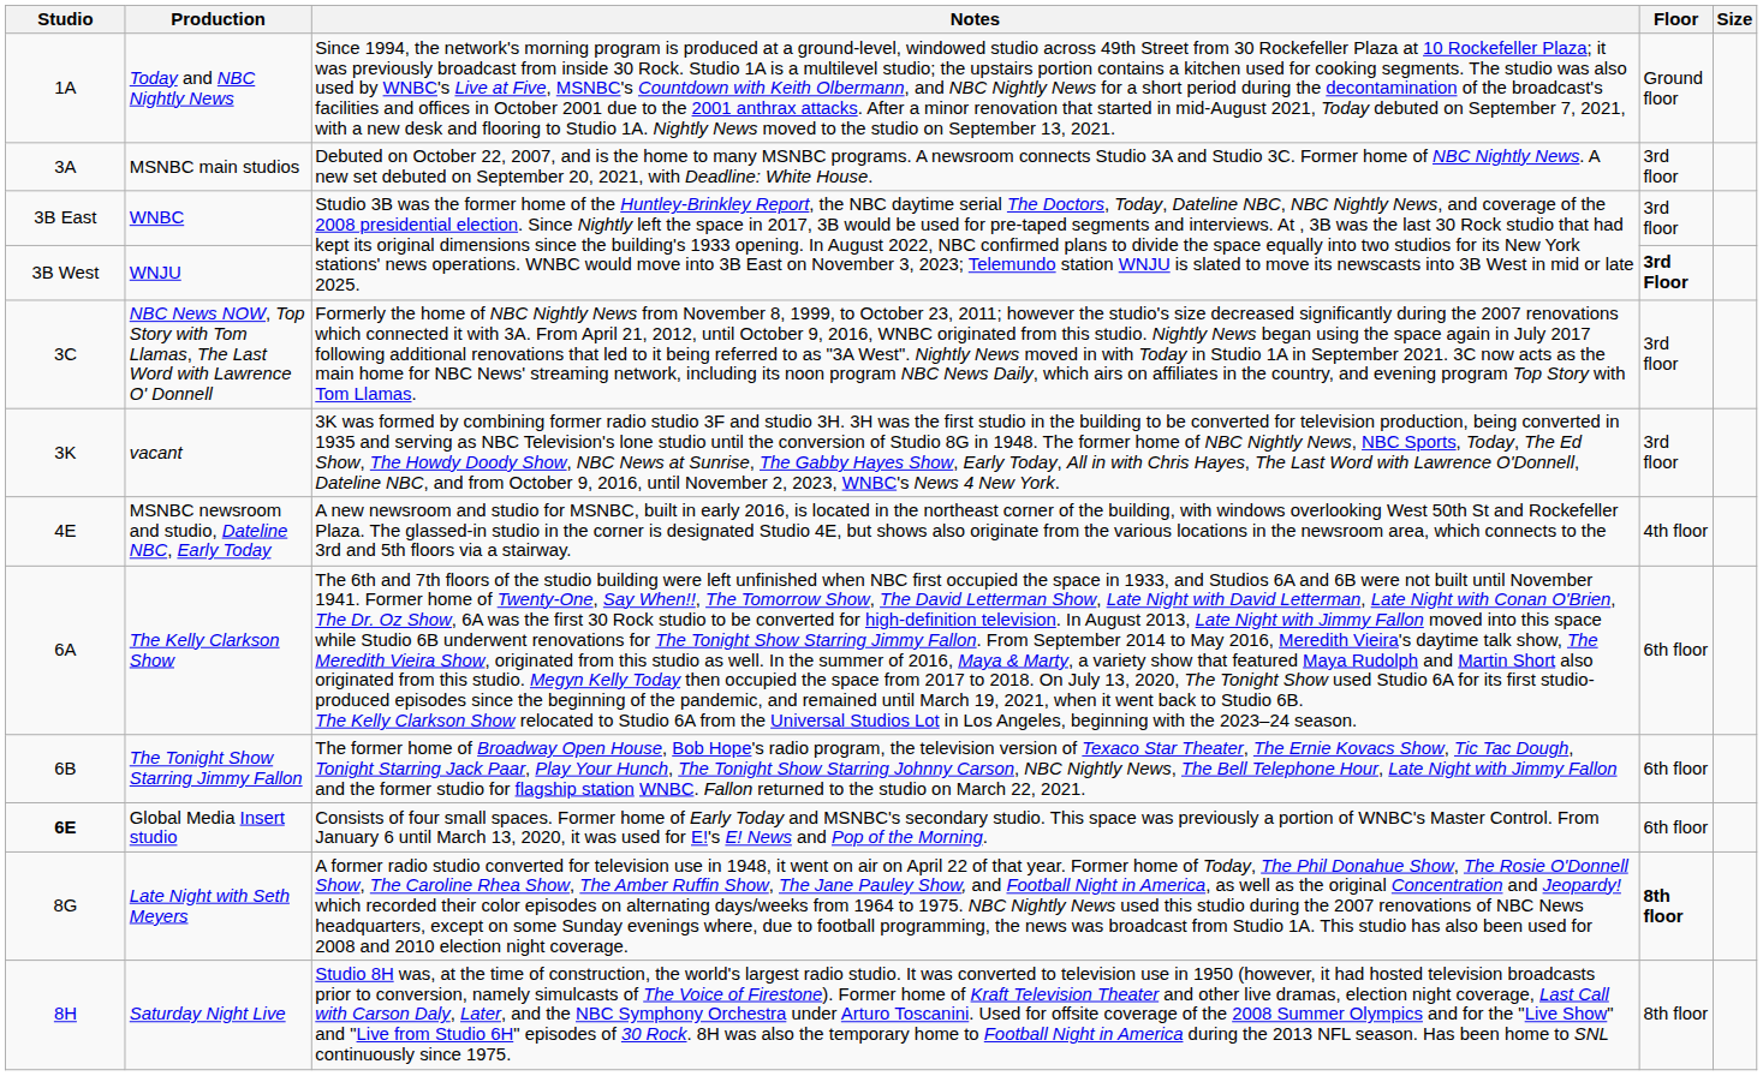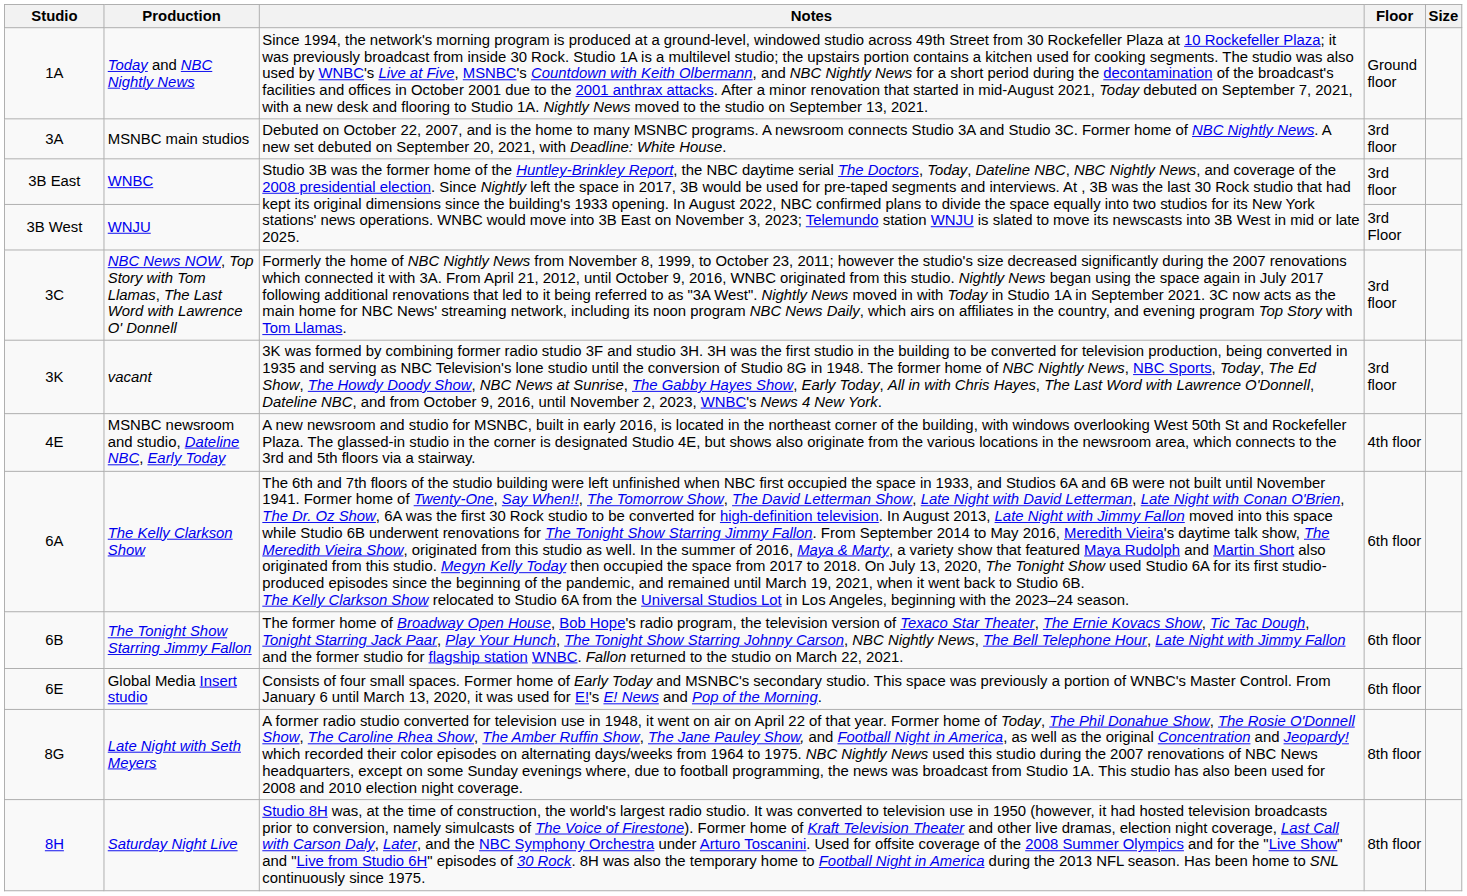 <table class=wikitable>
 <tr>
 <th width=100>Studio</th>
 <th>Production</th>
 <th>Notes</th>
 <th>Floor</th>
 <th>Size</th>
 </tr>
 <tr>
 <td align=center>1A</td>
 <td><em><a href='#'>Today</a></em> and <em><a href='#'>NBC Nightly News</a></em></td>
 <td>Since 1994, the network's morning program is produced at a ground-level, windowed studio across 49th Street from 30 Rockefeller Plaza at <a href='#'>10 Rockefeller Plaza</a>; it was previously broadcast from inside 30 Rock. Studio 1A is a multilevel studio; the upstairs portion contains a kitchen used for cooking segments. The studio was also used by <a href='#'>WNBC</a>'s <em><a href='#'>Live at Five</a></em>, <a href='#'>MSNBC</a>'s <em><a href='#'>Countdown with Keith Olbermann</a></em>, and <em>NBC Nightly News</em> for a short period during the <a href='#'>decontamination</a> of the broadcast's facilities and offices in October 2001 due to the <a href='#'>2001 anthrax attacks</a>. After a minor renovation that started in mid-August 2021, <em>Today</em> debuted on September 7, 2021, with a new desk and flooring to Studio 1A. <em>Nightly News</em> moved to the studio on September 13, 2021.</td>
 <td>Ground floor</td>
 <td></td>
 </tr>
 <tr>
 <td align=center>3A</td>
 <td>MSNBC main studios</td>
 <td>Debuted on October 22, 2007, and is the home to many MSNBC programs. A newsroom connects Studio 3A and Studio 3C. Former home of <em><a href='#'>NBC Nightly News</a></em>. A new set debuted on September 20, 2021, with <em>Deadline: White House</em>.</td>
 <td>3rd floor</td>
 <td></td>
 </tr>
 <tr>
 <td align=center>3B East</td>
 <td><a href='#'>WNBC</a></td>
 <td rowspan="2">Studio 3B was the former home of the <em><a href='#'>Huntley-Brinkley Report</a></em>, the NBC daytime serial <em><a href='#'>The Doctors</a></em>, <em>Today</em>, <em>Dateline NBC</em>, <em>NBC Nightly News</em>, and coverage of the <a href='#'>2008 presidential election</a>. Since <em>Nightly</em> left the space in 2017, 3B would be used for pre-taped segments and interviews. At , 3B was the last 30 Rock studio that had kept its original dimensions since the building's 1933 opening. In August 2022, NBC confirmed plans to divide the space equally into two studios for its New York stations' news operations. WNBC would move into 3B East on November 3, 2023; <a href='#'>Telemundo</a> station <a href='#'>WNJU</a> is slated to move its newscasts into 3B West in mid or late 2025.</td>
 <td>3rd floor</td>
 <td></td>
 </tr>
 <tr>
 <td align=center>3B West</td>
 <td><a href='#'>WNJU</a></td>
-<td><strong>3rd Floor</strong></td>
+<td>3rd Floor</td>
 <td></td>
 </tr>
 <tr>
 <td align=center>3C</td>
 <td><em><a href='#'>NBC News NOW</a></em>, <em>Top Story with Tom Llamas</em>, <em>The Last Word with Lawrence O' Donnell</em></td>
 <td>Formerly the home of <em>NBC Nightly News</em> from November 8, 1999, to October 23, 2011; however the studio's size decreased significantly during the 2007 renovations which connected it with 3A. From April 21, 2012, until October 9, 2016, WNBC originated from this studio. <em>Nightly News</em> began using the space again in July 2017 following additional renovations that led to it being referred to as "3A West". <em>Nightly News</em> moved in with <em>Today</em> in Studio 1A in September 2021. 3C now acts as the main home for NBC News' streaming network, including its noon program <em>NBC News Daily</em>, which airs on affiliates in the country, and evening program <em>Top Story</em> with <a href='#'>Tom Llamas</a>.</td>
 <td>3rd floor</td>
 <td></td>
 </tr>
 <tr>
 <td align=center>3K</td>
 <td><em>vacant</em></td>
 <td>3K was formed by combining former radio studio 3F and studio 3H. 3H was the first studio in the building to be converted for television production, being converted in 1935 and serving as NBC Television's lone studio until the conversion of Studio 8G in 1948. The former home of <em>NBC Nightly News</em>, <a href='#'>NBC Sports</a>, <em>Today</em>, <em>The Ed Show</em>, <em><a href='#'>The Howdy Doody Show</a></em>, <em>NBC News at Sunrise</em>, <em><a href='#'>The Gabby Hayes Show</a></em>, <em>Early Today</em>, <em>All in with Chris Hayes</em>, <em>The Last Word with Lawrence O'Donnell</em>, <em>Dateline NBC</em>, and from October 9, 2016, until November 2, 2023, <a href='#'>WNBC</a>'s <em>News 4 New York</em>.</td>
 <td>3rd floor</td>
 <td></td>
 </tr>
 <tr>
 <td align=center>4E</td>
 <td>MSNBC newsroom and studio, <em><a href='#'>Dateline NBC</a></em>, <em><a href='#'>Early Today</a></em></td>
 <td>A new newsroom and studio for MSNBC, built in early 2016, is located in the northeast corner of the building, with windows overlooking West 50th St and Rockefeller Plaza. The glassed-in studio in the corner is designated Studio 4E, but shows also originate from the various locations in the newsroom area, which connects to the 3rd and 5th floors via a stairway.</td>
 <td>4th floor</td>
 <td></td>
 </tr>
 <tr>
 <td align=center>6A</td>
 <td><em><a href='#'>The Kelly Clarkson Show</a></em></td>
 <td>The 6th and 7th floors of the studio building were left unfinished when NBC first occupied the space in 1933, and Studios 6A and 6B were not built until November 1941. Former home of <em><a href='#'>Twenty-One</a></em>, <em><a href='#'>Say When!!</a></em>, <em><a href='#'>The Tomorrow Show</a></em>, <em><a href='#'>The David Letterman Show</a></em>, <em><a href='#'>Late Night with David Letterman</a></em>, <em><a href='#'>Late Night with Conan O'Brien</a></em>, <em><a href='#'>The Dr. Oz Show</a></em>, 6A was the first 30 Rock studio to be converted for <a href='#'>high-definition television</a>. In August 2013, <em><a href='#'>Late Night with Jimmy Fallon</a></em> moved into this space while Studio 6B underwent renovations for <em><a href='#'>The Tonight Show Starring Jimmy Fallon</a></em>. From September 2014 to May 2016, <a href='#'>Meredith Vieira</a>'s daytime talk show, <em><a href='#'>The Meredith Vieira Show</a></em>, originated from this studio as well. In the summer of 2016, <em><a href='#'>Maya & Marty</a></em>, a variety show that featured <a href='#'>Maya Rudolph</a> and <a href='#'>Martin Short</a> also originated from this studio. <em><a href='#'>Megyn Kelly Today</a></em> then occupied the space from 2017 to 2018. On July 13, 2020, <em>The Tonight Show</em> used Studio 6A for its first studio-produced episodes since the beginning of the pandemic, and remained until March 19, 2021, when it went back to Studio 6B.<br><em><a href='#'>The Kelly Clarkson Show</a></em> relocated to Studio 6A from the <a href='#'>Universal Studios Lot</a> in Los Angeles, beginning with the 2023–24 season.</td>
 <td>6th floor</td>
 <td></td>
 </tr>
 <tr>
 <td align=center>6B</td>
 <td><em><a href='#'>The Tonight Show Starring Jimmy Fallon</a></em></td>
 <td>The former home of <em><a href='#'>Broadway Open House</a></em>, <a href='#'>Bob Hope</a>'s radio program, the television version of <em><a href='#'>Texaco Star Theater</a></em>, <em><a href='#'>The Ernie Kovacs Show</a></em>, <em><a href='#'>Tic Tac Dough</a></em>, <em><a href='#'>Tonight Starring Jack Paar</a></em>, <em><a href='#'>Play Your Hunch</a></em>, <em><a href='#'>The Tonight Show Starring Johnny Carson</a></em>, <em>NBC Nightly News</em>, <em><a href='#'>The Bell Telephone Hour</a></em>, <em><a href='#'>Late Night with Jimmy Fallon</a></em> and the former studio for <a href='#'>flagship station</a> <a href='#'>WNBC</a>. <em>Fallon</em> returned to the studio on March 22, 2021.</td>
 <td>6th floor</td>
 <td></td>
 </tr>
 <tr>
-<td align=center><strong>6E</strong></td>
+<td align=center>6E</td>
 <td>Global Media <a href='#'>Insert studio</a></td>
 <td>Consists of four small spaces. Former home of <em>Early Today</em> and MSNBC's secondary studio. This space was previously a portion of WNBC's Master Control. From January 6 until March 13, 2020, it was used for <a href='#'>E!</a>'s <em><a href='#'>E! News</a></em> and <em><a href='#'>Pop of the Morning</a></em>.</td>
 <td>6th floor</td>
 <td></td>
 </tr>
 <tr>
 <td align=center>8G</td>
 <td><em><a href='#'>Late Night with Seth Meyers</a></em></td>
 <td>A former radio studio converted for television use in 1948, it went on air on April 22 of that year. Former home of <em>Today</em>,  <em><a href='#'>The Phil Donahue Show</a></em>, <em><a href='#'>The Rosie O'Donnell Show</a></em>, <em><a href='#'>The Caroline Rhea Show</a></em>, <em><a href='#'>The Amber Ruffin Show</a></em>, <em><a href='#'>The Jane Pauley Show</a>,</em> and <em><a href='#'>Football Night in America</a></em>, as well as the original <em><a href='#'>Concentration</a></em> and <em><a href='#'>Jeopardy!</a></em> which recorded their color episodes on alternating days/weeks from 1964 to 1975. <em>NBC Nightly News</em> used this studio during the 2007 renovations of NBC News headquarters, except on some Sunday evenings where, due to football programming, the news was broadcast from Studio 1A. This studio has also been used for 2008 and 2010 election night coverage.</td>
-<td><strong>8th floor</strong></td>
+<td>8th floor</td>
 <td></td>
 </tr>
 <tr>
 <td align=center><a href='#'>8H</a></td>
 <td><em><a href='#'>Saturday Night Live</a></em></td>
 <td><a href='#'>Studio 8H</a> was, at the time of construction, the world's largest radio studio. It was converted to television use in 1950 (however, it had hosted television broadcasts prior to conversion, namely simulcasts of <em><a href='#'>The Voice of Firestone</a></em>). Former home of <em><a href='#'>Kraft Television Theater</a></em> and other live dramas, election night coverage, <em><a href='#'>Last Call with Carson Daly</a></em>, <em><a href='#'>Later</a></em>, and the <a href='#'>NBC Symphony Orchestra</a> under <a href='#'>Arturo Toscanini</a>. Used for offsite coverage of the <a href='#'>2008 Summer Olympics</a> and for the "<a href='#'>Live Show</a>" and "<a href='#'>Live from Studio 6H</a>" episodes of <em><a href='#'>30 Rock</a></em>. 8H was also the temporary home to <em><a href='#'>Football Night in America</a></em> during the 2013 NFL season. Has been home to <em>SNL</em> continuously since 1975.</td>
 <td>8th floor</td>
 <td></td>
 </tr>
 </table>
